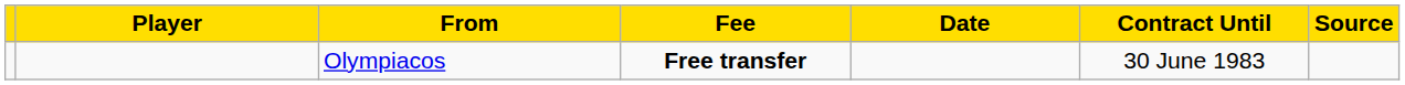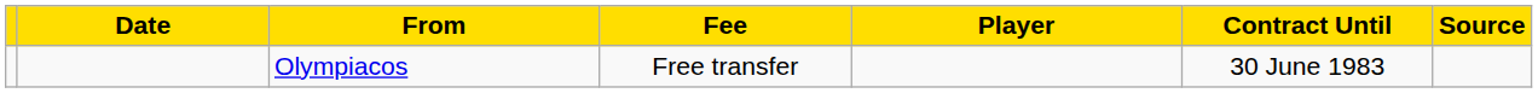 <table class="wikitable sortable">
 <tr>
 <th style="background:#FFDE00"></th>
-<th width=200 style="background:#FFDE00">Player</th>
+<th width=150 style="background:#FFDE00">Date</th>
 <th width=200 style="background:#FFDE00">From</th>
 <th width=150 style="background:#FFDE00">Fee</th>
-<th width=150 style="background:#FFDE00">Date</th>
+<th width=200 style="background:#FFDE00">Player</th>
 <th width=150 style="background:#FFDE00">Contract Until</th>
 <th style="background:#FFDE00">Source</th>
 </tr>
 <tr>
 <td align=center></td>
+<td align=center></td>
+<td> <a href='#'>Olympiacos</a></td>
+<td align=center>Free transfer</td>
 <td></td>
-<td> <a href='#'>Olympiacos</a></td>
-<td align=center><strong>Free transfer</strong></td>
-<td align=center></td>
 <td align=center>30 June 1983</td>
 <td align=center></td>
 </tr>
 </table>
